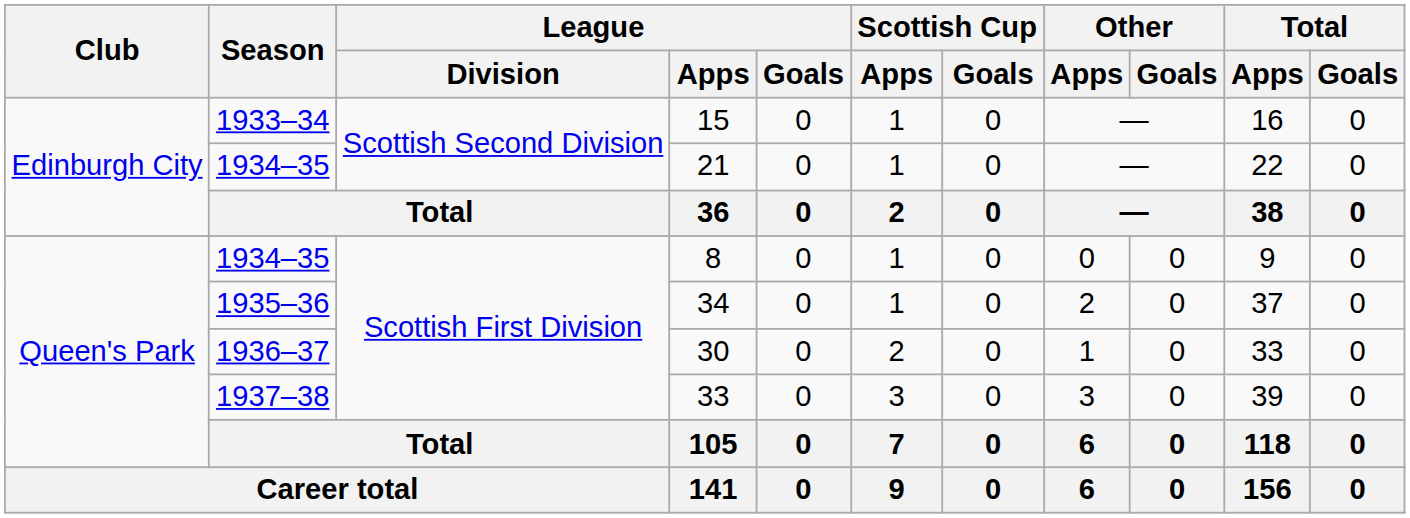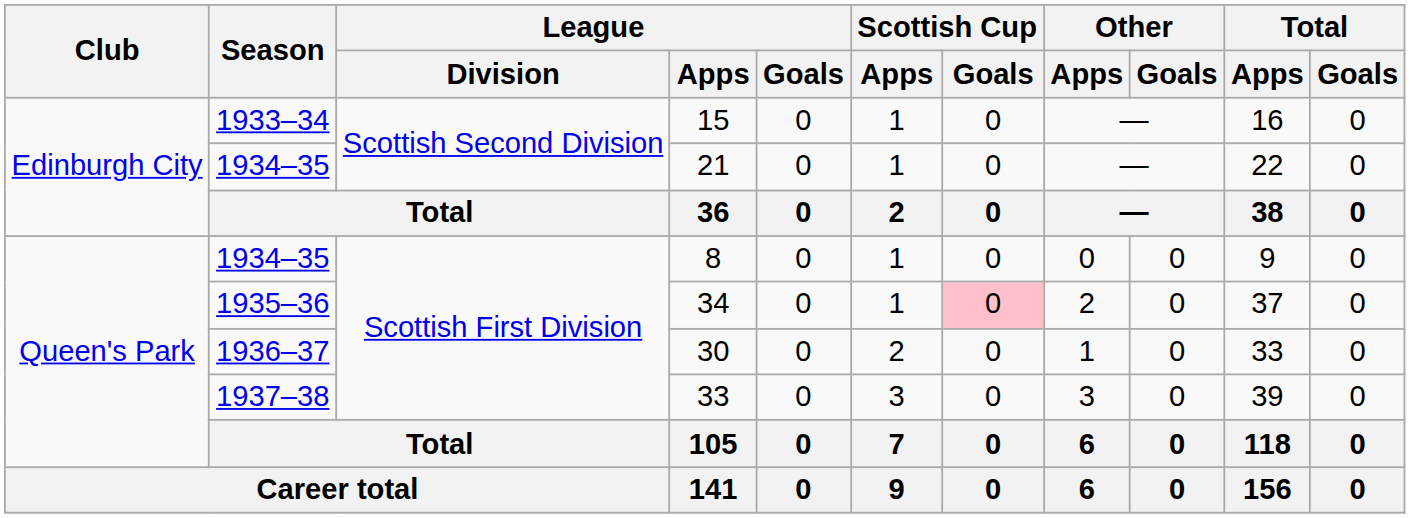 <table class="wikitable" style="text-align: center;">
 <tr>
 <th rowspan="2">Club</th>
 <th rowspan="2">Season</th>
 <th colspan="3">League</th>
 <th colspan="2">Scottish Cup</th>
 <th colspan="2">Other</th>
 <th colspan="2">Total</th>
 </tr>
 <tr>
 <th>Division</th>
 <th>Apps</th>
 <th>Goals</th>
 <th>Apps</th>
 <th>Goals</th>
 <th>Apps</th>
 <th>Goals</th>
 <th>Apps</th>
 <th>Goals</th>
 </tr>
 <tr>
 <td rowspan="3"><a href='#'>Edinburgh City</a></td>
 <td><a href='#'>1933–34</a></td>
 <td rowspan="2"><a href='#'>Scottish Second Division</a></td>
 <td>15</td>
 <td>0</td>
 <td>1</td>
 <td>0</td>
 <td colspan="2">—</td>
 <td>16</td>
 <td>0</td>
 </tr>
 <tr>
 <td><a href='#'>1934–35</a></td>
 <td>21</td>
 <td>0</td>
 <td>1</td>
 <td>0</td>
 <td colspan="2">—</td>
 <td>22</td>
 <td>0</td>
 </tr>
 <tr>
 <th colspan="2">Total</th>
 <th>36</th>
 <th>0</th>
 <th>2</th>
 <th>0</th>
 <th colspan="2">—</th>
 <th>38</th>
 <th>0</th>
 </tr>
 <tr>
 <td rowspan="5"><a href='#'>Queen's Park</a></td>
 <td><a href='#'>1934–35</a></td>
 <td rowspan="4"><a href='#'>Scottish First Division</a></td>
 <td>8</td>
 <td>0</td>
 <td>1</td>
 <td>0</td>
 <td>0</td>
 <td>0</td>
 <td>9</td>
 <td>0</td>
 </tr>
 <tr>
 <td><a href='#'>1935–36</a></td>
 <td>34</td>
 <td>0</td>
 <td>1</td>
-<td>0</td>
+<td style="background: pink;">0</td>
 <td>2</td>
 <td>0</td>
 <td>37</td>
 <td>0</td>
 </tr>
 <tr>
 <td><a href='#'>1936–37</a></td>
 <td>30</td>
 <td>0</td>
 <td>2</td>
 <td>0</td>
 <td>1</td>
 <td>0</td>
 <td>33</td>
 <td>0</td>
 </tr>
 <tr>
 <td><a href='#'>1937–38</a></td>
 <td>33</td>
 <td>0</td>
 <td>3</td>
 <td>0</td>
 <td>3</td>
 <td>0</td>
 <td>39</td>
 <td>0</td>
 </tr>
 <tr>
 <th colspan="2">Total</th>
 <th>105</th>
 <th>0</th>
 <th>7</th>
 <th>0</th>
 <th>6</th>
 <th>0</th>
 <th>118</th>
 <th>0</th>
 </tr>
 <tr>
 <th colspan="3">Career total</th>
 <th>141</th>
 <th>0</th>
 <th>9</th>
 <th>0</th>
 <th>6</th>
 <th>0</th>
 <th>156</th>
 <th>0</th>
 </tr>
 </table>
